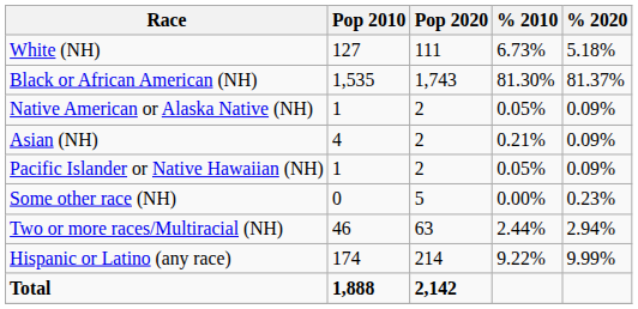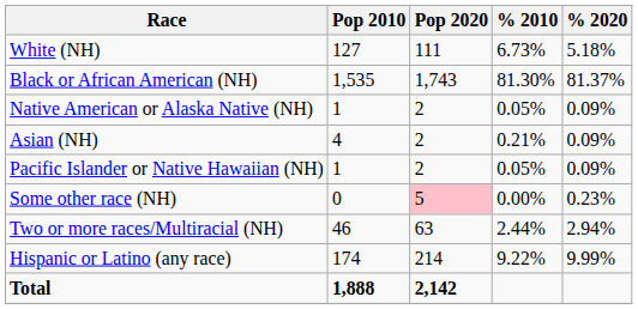 <table class="wikitable">
 <tr>
 <th>Race</th>
 <th>Pop 2010</th>
 <th>Pop 2020</th>
 <th>% 2010</th>
 <th>% 2020</th>
 </tr>
 <tr>
 <td><a href='#'>White</a> (NH)</td>
 <td>127</td>
 <td>111</td>
 <td>6.73%</td>
 <td>5.18%</td>
 </tr>
 <tr>
 <td><a href='#'>Black or African American</a> (NH)</td>
 <td>1,535</td>
 <td>1,743</td>
 <td>81.30%</td>
 <td>81.37%</td>
 </tr>
 <tr>
 <td><a href='#'>Native American</a> or <a href='#'>Alaska Native</a> (NH)</td>
 <td>1</td>
 <td>2</td>
 <td>0.05%</td>
 <td>0.09%</td>
 </tr>
 <tr>
 <td><a href='#'>Asian</a> (NH)</td>
 <td>4</td>
 <td>2</td>
 <td>0.21%</td>
 <td>0.09%</td>
 </tr>
 <tr>
 <td><a href='#'>Pacific Islander</a> or <a href='#'>Native Hawaiian</a> (NH)</td>
 <td>1</td>
 <td>2</td>
 <td>0.05%</td>
 <td>0.09%</td>
 </tr>
 <tr>
 <td><a href='#'>Some other race</a> (NH)</td>
 <td>0</td>
-<td>5</td>
+<td style="background: pink;">5</td>
 <td>0.00%</td>
 <td>0.23%</td>
 </tr>
 <tr>
 <td><a href='#'>Two or more races/Multiracial</a> (NH)</td>
 <td>46</td>
 <td>63</td>
 <td>2.44%</td>
 <td>2.94%</td>
 </tr>
 <tr>
 <td><a href='#'>Hispanic or Latino</a> (any race)</td>
 <td>174</td>
 <td>214</td>
 <td>9.22%</td>
 <td>9.99%</td>
 </tr>
 <tr>
 <td><strong>Total</strong></td>
 <td><strong>1,888</strong></td>
 <td><strong>2,142</strong></td>
 <td></td>
 <td></td>
 </tr>
 <tr>
 </tr>
 </table>
